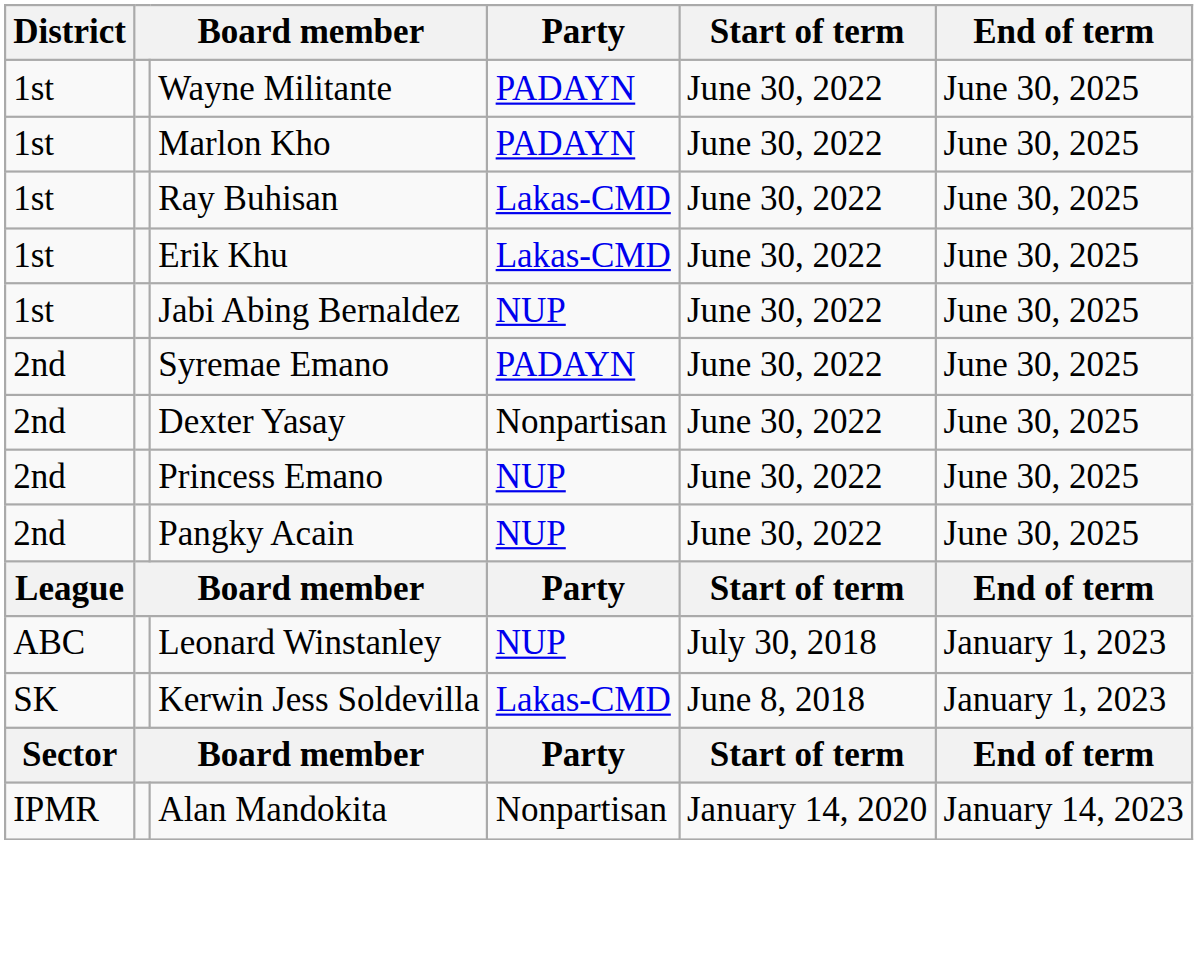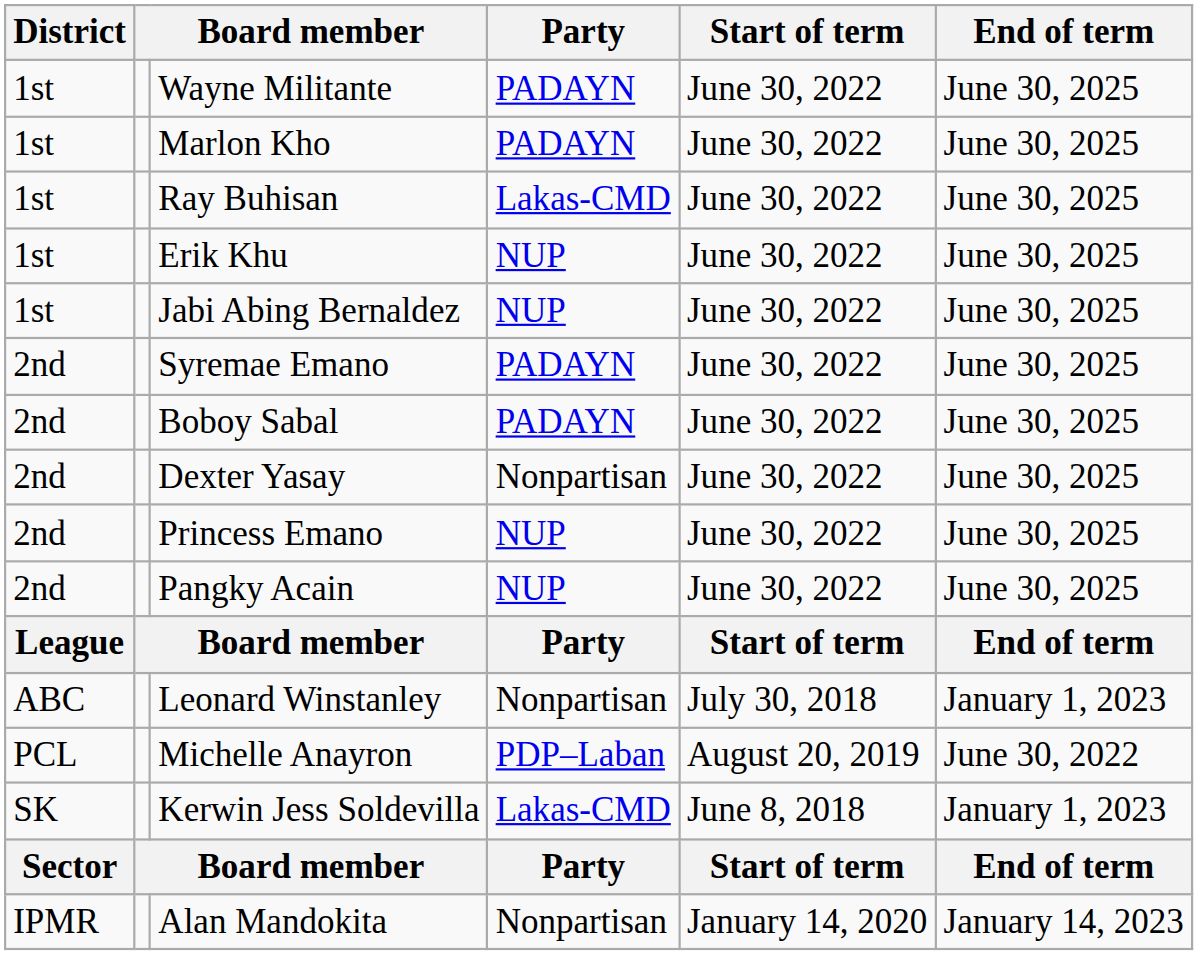 <table class="wikitable">
 <tr>
 <th>District</th>
 <th colspan="2">Board member</th>
 <th>Party</th>
 <th>Start of term</th>
 <th>End of term</th>
 </tr>
 <tr>
 <td>1st</td>
 <td></td>
 <td>Wayne Militante</td>
 <td><a href='#'>PADAYN</a></td>
 <td>June 30, 2022</td>
 <td>June 30, 2025</td>
 </tr>
 <tr>
 <td>1st</td>
 <td></td>
 <td>Marlon Kho</td>
 <td><a href='#'>PADAYN</a></td>
 <td>June 30, 2022</td>
 <td>June 30, 2025</td>
 </tr>
 <tr>
 <td>1st</td>
 <td></td>
 <td>Ray Buhisan</td>
 <td><a href='#'>Lakas-CMD</a></td>
 <td>June 30, 2022</td>
 <td>June 30, 2025</td>
 </tr>
 <tr>
 <td>1st</td>
 <td></td>
 <td>Erik Khu</td>
-<td><a href='#'>Lakas-CMD</a></td>
+<td><a href='#'>NUP</a></td>
 <td>June 30, 2022</td>
 <td>June 30, 2025</td>
 </tr>
 <tr>
 <td>1st</td>
 <td></td>
 <td>Jabi Abing Bernaldez</td>
 <td><a href='#'>NUP</a></td>
 <td>June 30, 2022</td>
 <td>June 30, 2025</td>
 </tr>
 <tr>
 <td>2nd</td>
 <td></td>
 <td>Syremae Emano</td>
+<td><a href='#'>PADAYN</a></td>
+<td>June 30, 2022</td>
+<td>June 30, 2025</td>
+</tr>
+<tr>
+<td>2nd</td>
+<td></td>
+<td>Boboy Sabal</td>
 <td><a href='#'>PADAYN</a></td>
 <td>June 30, 2022</td>
 <td>June 30, 2025</td>
 </tr>
 <tr>
 <td>2nd</td>
 <td></td>
 <td>Dexter Yasay</td>
 <td>Nonpartisan</td>
 <td>June 30, 2022</td>
 <td>June 30, 2025</td>
 </tr>
 <tr>
 <td>2nd</td>
 <td></td>
 <td>Princess Emano</td>
 <td><a href='#'>NUP</a></td>
 <td>June 30, 2022</td>
 <td>June 30, 2025</td>
 </tr>
 <tr>
 <td>2nd</td>
 <td></td>
 <td>Pangky Acain</td>
 <td><a href='#'>NUP</a></td>
 <td>June 30, 2022</td>
 <td>June 30, 2025</td>
 </tr>
 <tr>
 <th>League</th>
 <th colspan="2">Board member</th>
 <th>Party</th>
 <th>Start of term</th>
 <th>End of term</th>
 </tr>
 <tr>
 <td>ABC</td>
 <td></td>
 <td>Leonard Winstanley</td>
-<td><a href='#'>NUP</a></td>
+<td>Nonpartisan</td>
 <td>July 30, 2018</td>
 <td>January 1, 2023</td>
+</tr>
+<tr>
+<td>PCL</td>
+<td></td>
+<td>Michelle Anayron</td>
+<td><a href='#'>PDP–Laban</a></td>
+<td>August 20, 2019</td>
+<td>June 30, 2022</td>
 </tr>
 <tr>
 <td>SK</td>
 <td></td>
 <td>Kerwin Jess Soldevilla</td>
 <td><a href='#'>Lakas-CMD</a></td>
 <td>June 8, 2018</td>
 <td>January 1, 2023</td>
 </tr>
 <tr>
 <th>Sector</th>
 <th colspan="2">Board member</th>
 <th>Party</th>
 <th>Start of term</th>
 <th>End of term</th>
 </tr>
 <tr>
 <td>IPMR</td>
 <td></td>
 <td>Alan Mandokita</td>
 <td>Nonpartisan</td>
 <td>January 14, 2020</td>
 <td>January 14, 2023</td>
 </tr>
 </table>
